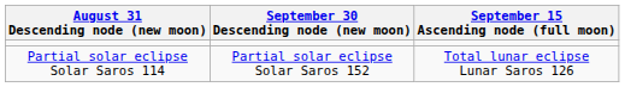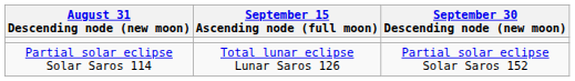 <table class="wikitable">
 <tr>
 <th><a href='#'>August 31</a><br>Descending node (new moon)</th>
+<th><a href='#'>September 15</a><br>Ascending node (full moon)</th>
 <th><a href='#'>September 30</a><br>Descending node (new moon)</th>
-<th><a href='#'>September 15</a><br>Ascending node (full moon)</th>
 </tr>
 <tr>
 <td></td>
 <td></td>
 <td></td>
 </tr>
 <tr align=center>
 <td><a href='#'>Partial solar eclipse</a><br>Solar Saros 114</td>
+<td><a href='#'>Total lunar eclipse</a><br>Lunar Saros 126</td>
 <td><a href='#'>Partial solar eclipse</a><br>Solar Saros 152</td>
-<td><a href='#'>Total lunar eclipse</a><br>Lunar Saros 126</td>
 </tr>
 </table>
